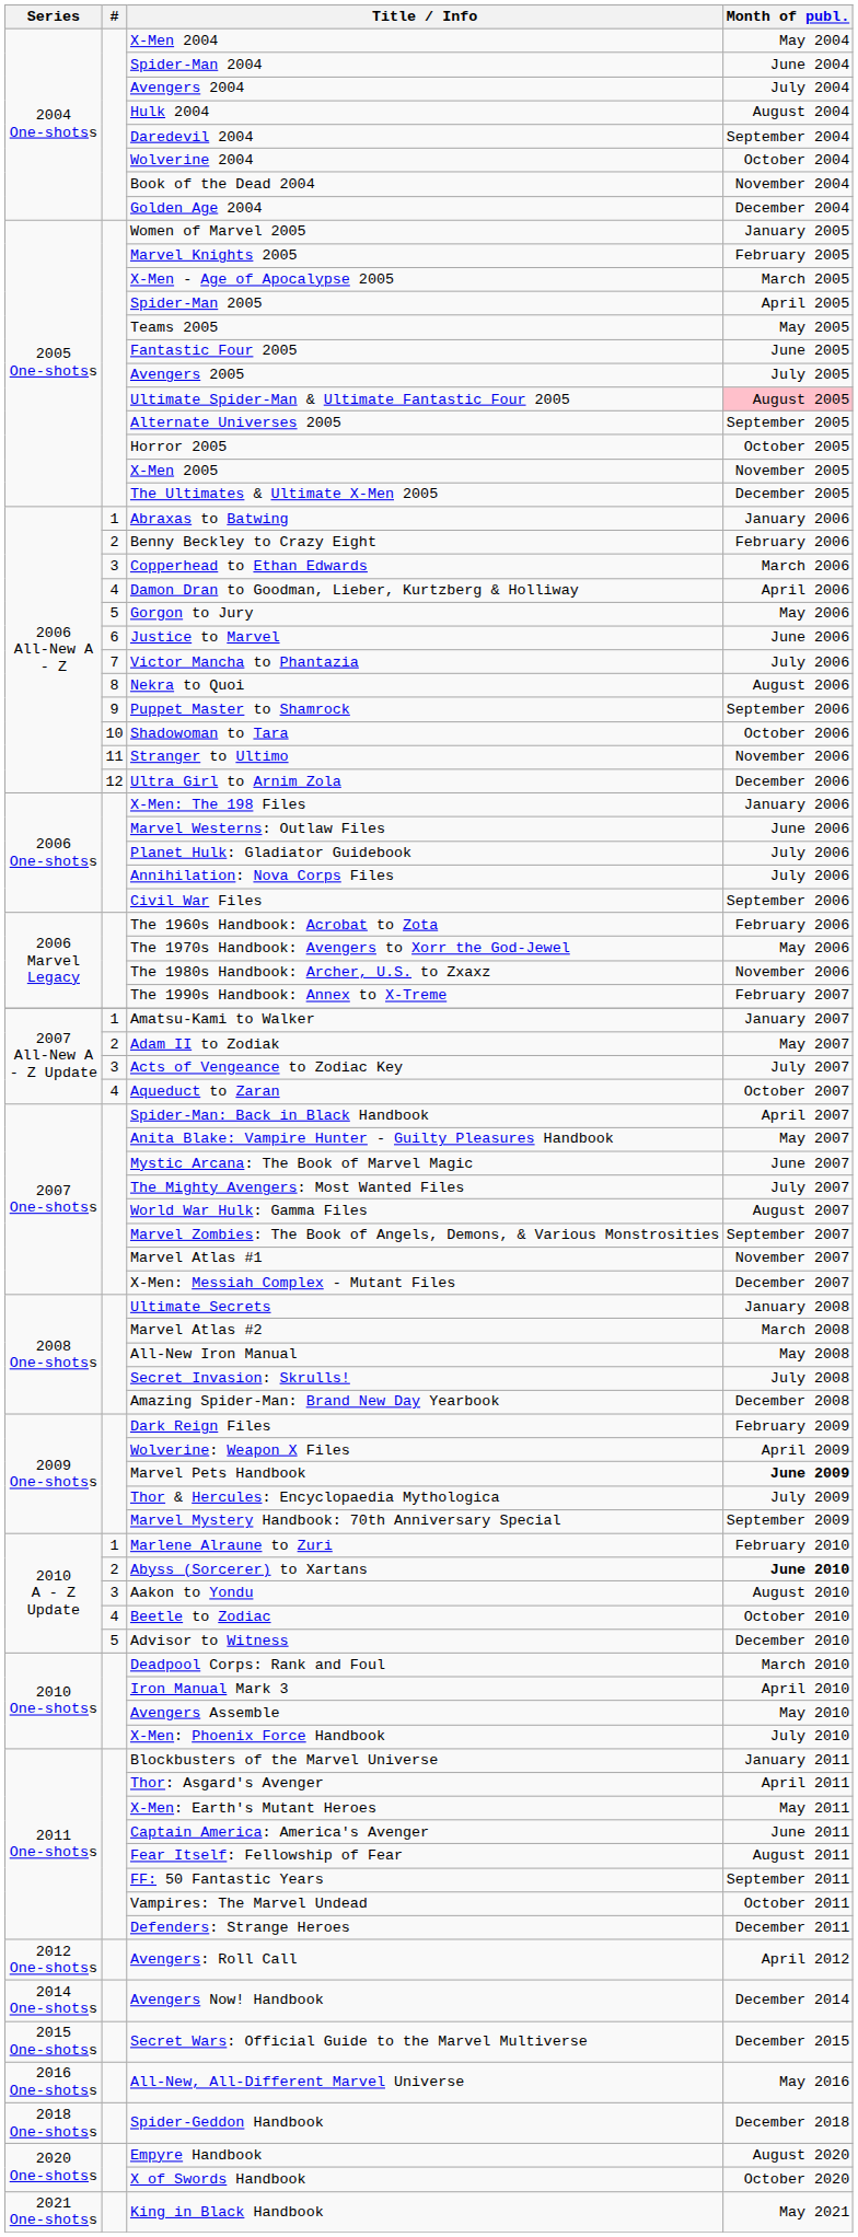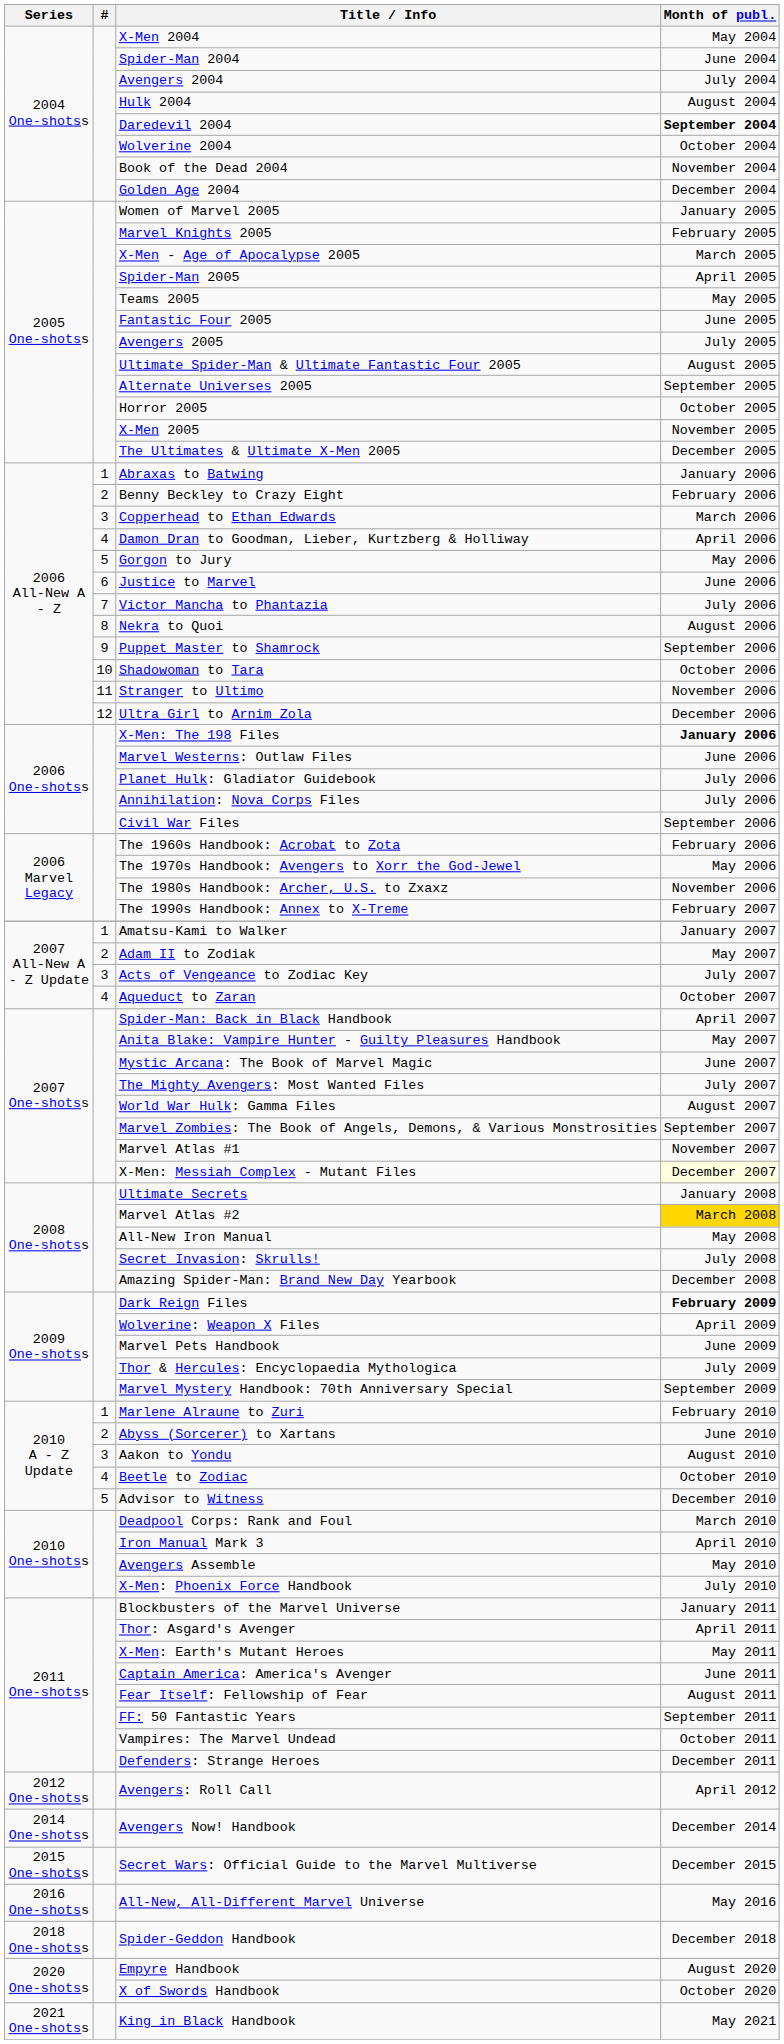 <table class="wikitable">
 <tr>
 <th width="80">Series</th>
 <th>#</th>
 <th>Title / Info</th>
 <th>Month of <a href='#'>publ.</a></th>
 </tr>
 <tr align="center">
 <td rowspan="8">2004<br><a href='#'>One-shots</a>s</td>
 <td rowspan="8"></td>
 <td align="left"><a href='#'>X-Men</a> 2004</td>
 <td align="right">May 2004</td>
 </tr>
 <tr align="center">
 <td align="left"><a href='#'>Spider-Man</a> 2004</td>
 <td align="right">June 2004</td>
 </tr>
 <tr align="center">
 <td align="left"><a href='#'>Avengers</a> 2004</td>
 <td align="right">July 2004</td>
 </tr>
 <tr align="center">
 <td align="left"><a href='#'>Hulk</a> 2004</td>
 <td align="right">August 2004</td>
 </tr>
 <tr align="center">
 <td align="left"><a href='#'>Daredevil</a> 2004</td>
-<td align="right">September 2004</td>
+<td align="right"><strong>September 2004</strong></td>
 </tr>
 <tr align="center">
 <td align="left"><a href='#'>Wolverine</a> 2004</td>
 <td align="right">October 2004</td>
 </tr>
 <tr align="center">
 <td align="left">Book of the Dead 2004</td>
 <td align="right">November 2004</td>
 </tr>
 <tr align="center">
 <td align="left"><a href='#'>Golden Age</a> 2004</td>
 <td align="right">December 2004</td>
 </tr>
 <tr align="center">
 <td rowspan="12">2005<br><a href='#'>One-shots</a>s</td>
 <td rowspan="12"></td>
 <td align="left">Women of Marvel 2005</td>
 <td align="right">January 2005</td>
 </tr>
 <tr align="center">
 <td align="left"><a href='#'>Marvel Knights</a> 2005</td>
 <td align="right">February 2005</td>
 </tr>
 <tr align="center">
 <td align="left"><a href='#'>X-Men</a> - <a href='#'>Age of Apocalypse</a> 2005</td>
 <td align="right">March 2005</td>
 </tr>
 <tr align="center">
 <td align="left"><a href='#'>Spider-Man</a> 2005</td>
 <td align="right">April 2005</td>
 </tr>
 <tr align="center">
 <td align="left">Teams 2005</td>
 <td align="right">May 2005</td>
 </tr>
 <tr align="center">
 <td align="left"><a href='#'>Fantastic Four</a> 2005</td>
 <td align="right">June 2005</td>
 </tr>
 <tr align="center">
 <td align="left"><a href='#'>Avengers</a> 2005</td>
 <td align="right">July 2005</td>
 </tr>
 <tr align="center">
 <td align="left"><a href='#'>Ultimate Spider-Man</a> & <a href='#'>Ultimate Fantastic Four</a> 2005</td>
-<td align="right" style="background: pink;">August 2005</td>
+<td align="right">August 2005</td>
 </tr>
 <tr align="center">
 <td align="left"><a href='#'>Alternate Universes</a> 2005</td>
 <td align="right">September 2005</td>
 </tr>
 <tr align="center">
 <td align="left">Horror 2005</td>
 <td align="right">October 2005</td>
 </tr>
 <tr align="center">
 <td align="left"><a href='#'>X-Men</a> 2005</td>
 <td align="right">November 2005</td>
 </tr>
 <tr align="center">
 <td align="left"><a href='#'>The Ultimates</a> & <a href='#'>Ultimate X-Men</a> 2005</td>
 <td align="right">December 2005</td>
 </tr>
 <tr align="center">
 <td rowspan="12">2006<br>All-New A - Z</td>
 <td>1</td>
 <td align="left"><a href='#'>Abraxas</a> to <a href='#'>Batwing</a></td>
 <td align="right">January 2006</td>
 </tr>
 <tr align="center">
 <td>2</td>
 <td align="left">Benny Beckley to Crazy Eight</td>
 <td align="right">February 2006</td>
 </tr>
 <tr align="center">
 <td>3</td>
 <td align="left"><a href='#'>Copperhead</a> to <a href='#'>Ethan Edwards</a></td>
 <td align="right">March 2006</td>
 </tr>
 <tr align="center">
 <td>4</td>
 <td align="left"><a href='#'>Damon Dran</a> to Goodman, Lieber, Kurtzberg & Holliway</td>
 <td align="right">April 2006</td>
 </tr>
 <tr align="center">
 <td>5</td>
 <td align="left"><a href='#'>Gorgon</a> to Jury</td>
 <td align="right">May 2006</td>
 </tr>
 <tr align="center">
 <td>6</td>
 <td align="left"><a href='#'>Justice</a> to <a href='#'>Marvel</a></td>
 <td align="right">June 2006</td>
 </tr>
 <tr align="center">
 <td>7</td>
 <td align="left"><a href='#'>Victor Mancha</a> to <a href='#'>Phantazia</a></td>
 <td align="right">July 2006</td>
 </tr>
 <tr align="center">
 <td>8</td>
 <td align="left"><a href='#'>Nekra</a> to Quoi</td>
 <td align="right">August 2006</td>
 </tr>
 <tr align="center">
 <td>9</td>
 <td align="left"><a href='#'>Puppet Master</a> to <a href='#'>Shamrock</a></td>
 <td align="right">September 2006</td>
 </tr>
 <tr align="center">
 <td>10</td>
 <td align="left"><a href='#'>Shadowoman</a> to <a href='#'>Tara</a></td>
 <td align="right">October 2006</td>
 </tr>
 <tr align="center">
 <td>11</td>
 <td align="left"><a href='#'>Stranger</a> to <a href='#'>Ultimo</a></td>
 <td align="right">November 2006</td>
 </tr>
 <tr align="center">
 <td>12</td>
 <td align="left"><a href='#'>Ultra Girl</a> to <a href='#'>Arnim Zola</a></td>
 <td align="right">December 2006</td>
 </tr>
 <tr align="center">
 <td rowspan="5">2006<br><a href='#'>One-shots</a>s</td>
 <td rowspan="5"></td>
 <td align="left"><a href='#'>X-Men: The 198</a> Files</td>
-<td align="right">January 2006</td>
+<td align="right"><strong>January 2006</strong></td>
 </tr>
 <tr align="center">
 <td align="left"><a href='#'>Marvel Westerns</a>: Outlaw Files</td>
 <td align="right">June 2006</td>
 </tr>
 <tr align="center">
 <td align="left"><a href='#'>Planet Hulk</a>: Gladiator Guidebook</td>
 <td align="right">July 2006</td>
 </tr>
 <tr align="center">
 <td align="left"><a href='#'>Annihilation</a>: <a href='#'>Nova Corps</a> Files</td>
 <td align="right">July 2006</td>
 </tr>
 <tr align="center">
 <td align="left"><a href='#'>Civil War</a> Files</td>
 <td align="right">September 2006</td>
 </tr>
 <tr align="center">
 <td rowspan="4">2006<br>Marvel <a href='#'>Legacy</a></td>
 <td rowspan="4"></td>
 <td align="left">The 1960s Handbook: <a href='#'>Acrobat</a> to <a href='#'>Zota</a></td>
 <td align="right">February 2006</td>
 </tr>
 <tr align="center">
 <td align="left">The 1970s Handbook: <a href='#'>Avengers</a> to <a href='#'>Xorr the God-Jewel</a></td>
 <td align="right">May 2006</td>
 </tr>
 <tr align="center">
 <td align="left">The 1980s Handbook: <a href='#'>Archer, U.S.</a> to Zxaxz</td>
 <td align="right">November 2006</td>
 </tr>
 <tr align="center">
 <td align="left">The 1990s Handbook: <a href='#'>Annex</a> to <a href='#'>X-Treme</a></td>
 <td align="right">February 2007</td>
 </tr>
 <tr align="center">
 </tr>
 <tr align="center">
 <td rowspan="4">2007<br>All-New A - Z Update</td>
 <td>1</td>
 <td align="left">Amatsu-Kami to Walker</td>
 <td align="right">January 2007</td>
 </tr>
 <tr align="center">
 <td>2</td>
 <td align="left"><a href='#'>Adam II</a> to Zodiak</td>
 <td align="right">May 2007</td>
 </tr>
 <tr align="center">
 <td>3</td>
 <td align="left"><a href='#'>Acts of Vengeance</a> to Zodiac Key</td>
 <td align="right">July 2007</td>
 </tr>
 <tr align="center">
 <td>4</td>
 <td align="left"><a href='#'>Aqueduct</a> to <a href='#'>Zaran</a></td>
 <td align="right">October 2007</td>
 </tr>
 <tr align="center">
 <td rowspan="8">2007<br><a href='#'>One-shots</a>s</td>
 <td rowspan="8"></td>
 <td align="left"><a href='#'>Spider-Man: Back in Black</a> Handbook</td>
 <td align="right">April 2007</td>
 </tr>
 <tr align="center">
 <td align="left"><a href='#'>Anita Blake: Vampire Hunter</a> - <a href='#'>Guilty Pleasures</a> Handbook</td>
 <td align="right">May 2007</td>
 </tr>
 <tr align="center">
 <td align="left"><a href='#'>Mystic Arcana</a>: The Book of Marvel Magic</td>
 <td align="right">June 2007</td>
 </tr>
 <tr align="center">
 <td align="left"><a href='#'>The Mighty Avengers</a>: Most Wanted Files</td>
 <td align="right">July 2007</td>
 </tr>
 <tr align="center">
 <td align="left"><a href='#'>World War Hulk</a>: Gamma Files</td>
 <td align="right">August 2007</td>
 </tr>
 <tr align="center">
 <td align="left"><a href='#'>Marvel Zombies</a>: The Book of Angels, Demons, & Various Monstrosities</td>
 <td align="right">September 2007</td>
 </tr>
 <tr align="center">
 <td align="left">Marvel Atlas #1</td>
 <td align="right">November 2007</td>
 </tr>
 <tr align="center">
 <td align="left">X-Men: <a href='#'>Messiah Complex</a> - Mutant Files</td>
-<td align="right">December 2007</td>
+<td align="right" style="background: lightyellow;">December 2007</td>
 </tr>
 <tr align="center">
 <td rowspan="5">2008<br><a href='#'>One-shots</a>s</td>
 <td rowspan="5"></td>
 <td align="left"><a href='#'>Ultimate Secrets</a></td>
 <td align="right">January 2008</td>
 </tr>
 <tr align="center">
 <td align="left">Marvel Atlas #2</td>
-<td align="right">March 2008</td>
+<td align="right" style="background: gold;">March 2008</td>
 </tr>
 <tr align="center">
 <td align="left">All-New Iron Manual</td>
 <td align="right">May 2008</td>
 </tr>
 <tr align="center">
 <td align="left"><a href='#'>Secret Invasion</a>: <a href='#'>Skrulls!</a></td>
 <td align="right">July 2008</td>
 </tr>
 <tr align="center">
 <td align="left">Amazing Spider-Man: <a href='#'>Brand New Day</a> Yearbook</td>
 <td align="right">December 2008</td>
 </tr>
 <tr align="center">
 <td rowspan="5">2009<br><a href='#'>One-shots</a>s</td>
 <td rowspan="5"></td>
 <td align="left"><a href='#'>Dark Reign</a> Files</td>
-<td align="right">February 2009</td>
+<td align="right"><strong>February 2009</strong></td>
 </tr>
 <tr align="center">
 <td align="left"><a href='#'>Wolverine</a>: <a href='#'>Weapon X</a> Files</td>
 <td align="right">April 2009</td>
 </tr>
 <tr align="center">
 <td align="left">Marvel Pets Handbook</td>
-<td align="right"><strong>June 2009</strong></td>
+<td align="right">June 2009</td>
 </tr>
 <tr align="center">
 <td align="left"><a href='#'>Thor</a> & <a href='#'>Hercules</a>: Encyclopaedia Mythologica</td>
 <td align="right">July 2009</td>
 </tr>
 <tr align="center">
 <td align="left"><a href='#'>Marvel Mystery</a> Handbook: 70th Anniversary Special</td>
 <td align="right">September 2009</td>
 </tr>
 <tr align="center">
 <td rowspan="5">2010<br>A - Z Update</td>
 <td>1</td>
 <td align="left"><a href='#'>Marlene Alraune</a> to <a href='#'>Zuri</a></td>
 <td align="right">February 2010</td>
 </tr>
 <tr align="center">
 <td>2</td>
 <td align="left"><a href='#'>Abyss (Sorcerer)</a> to Xartans</td>
-<td align="right"><strong>June 2010</strong></td>
+<td align="right">June 2010</td>
 </tr>
 <tr align="center">
 <td>3</td>
 <td align="left">Aakon to <a href='#'>Yondu</a></td>
 <td align="right">August 2010</td>
 </tr>
 <tr align="center">
 <td>4</td>
 <td align="left"><a href='#'>Beetle</a> to <a href='#'>Zodiac</a></td>
 <td align="right">October 2010</td>
 </tr>
 <tr align="center">
 <td>5</td>
 <td align="left">Advisor to <a href='#'>Witness</a></td>
 <td align="right">December 2010</td>
 </tr>
 <tr align="center">
 <td rowspan="4">2010<br><a href='#'>One-shots</a>s</td>
 <td rowspan="4"></td>
 <td align="left"><a href='#'>Deadpool</a> Corps: Rank and Foul</td>
 <td align="right">March 2010</td>
 </tr>
 <tr align="center">
 <td align="left"><a href='#'>Iron Manual</a> Mark 3</td>
 <td align="right">April 2010</td>
 </tr>
 <tr align="center">
 <td align="left"><a href='#'>Avengers</a> Assemble</td>
 <td align="right">May 2010</td>
 </tr>
 <tr align="center">
 <td align="left"><a href='#'>X-Men</a>: <a href='#'>Phoenix Force</a> Handbook</td>
 <td align="right">July 2010</td>
 </tr>
 <tr align="center">
 <td rowspan="8">2011<br><a href='#'>One-shots</a>s</td>
 <td rowspan="8"></td>
 <td align="left">Blockbusters of the Marvel Universe</td>
 <td align="right">January 2011</td>
 </tr>
 <tr align="center">
 <td align="left"><a href='#'>Thor</a>: Asgard's Avenger</td>
 <td align="right">April 2011</td>
 </tr>
 <tr align="center">
 <td align="left"><a href='#'>X-Men</a>: Earth's Mutant Heroes</td>
 <td align="right">May 2011</td>
 </tr>
 <tr align="center">
 <td align="left"><a href='#'>Captain America</a>: America's Avenger</td>
 <td align="right">June 2011</td>
 </tr>
 <tr align="center">
 <td align="left"><a href='#'>Fear Itself</a>: Fellowship of Fear</td>
 <td align="right">August 2011</td>
 </tr>
 <tr align="center">
 <td align="left"><a href='#'>FF:</a> 50 Fantastic Years</td>
 <td align="right">September 2011</td>
 </tr>
 <tr align="center">
 <td align="left">Vampires: The Marvel Undead</td>
 <td align="right">October 2011</td>
 </tr>
 <tr align="center">
 <td align="left"><a href='#'>Defenders</a>: Strange Heroes</td>
 <td align="right">December 2011</td>
 </tr>
 <tr align="center">
 <td rowspan="1">2012<br><a href='#'>One-shots</a>s</td>
 <td rowspan="1"></td>
 <td align="left"><a href='#'>Avengers</a>: Roll Call</td>
 <td align="right">April 2012</td>
 </tr>
 <tr align="center">
 <td rowspan="1">2014<br><a href='#'>One-shots</a>s</td>
 <td rowspan="1"></td>
 <td align="left"><a href='#'>Avengers</a> Now! Handbook</td>
 <td align="right">December 2014</td>
 </tr>
 <tr align="center">
 <td rowspan="1">2015<br><a href='#'>One-shots</a>s</td>
 <td rowspan="1"></td>
 <td align="left"><a href='#'>Secret Wars</a>: Official Guide to the Marvel Multiverse</td>
 <td align="right">December 2015</td>
 </tr>
 <tr align="center">
 <td rowspan="1">2016<br><a href='#'>One-shots</a>s</td>
 <td rowspan="1"></td>
 <td align="left"><a href='#'>All-New, All-Different Marvel</a> Universe</td>
 <td align="right">May 2016</td>
 </tr>
 <tr align="center">
 <td rowspan="1">2018<br><a href='#'>One-shots</a>s</td>
 <td rowspan="1"></td>
 <td align="left"><a href='#'>Spider-Geddon</a> Handbook</td>
 <td align="right">December 2018</td>
 </tr>
 <tr align="center">
 <td rowspan="2">2020<br><a href='#'>One-shots</a>s</td>
 <td rowspan="2"></td>
 <td align="left"><a href='#'>Empyre</a> Handbook</td>
 <td align="right">August 2020</td>
 </tr>
 <tr align="center">
 <td align="left"><a href='#'>X of Swords</a> Handbook</td>
 <td align="right">October 2020</td>
 </tr>
 <tr align="center">
 <td rowspan="1">2021<br><a href='#'>One-shots</a>s</td>
 <td rowspan="1"></td>
 <td align="left"><a href='#'>King in Black</a> Handbook</td>
 <td align="right">May 2021</td>
 </tr>
 </table>
